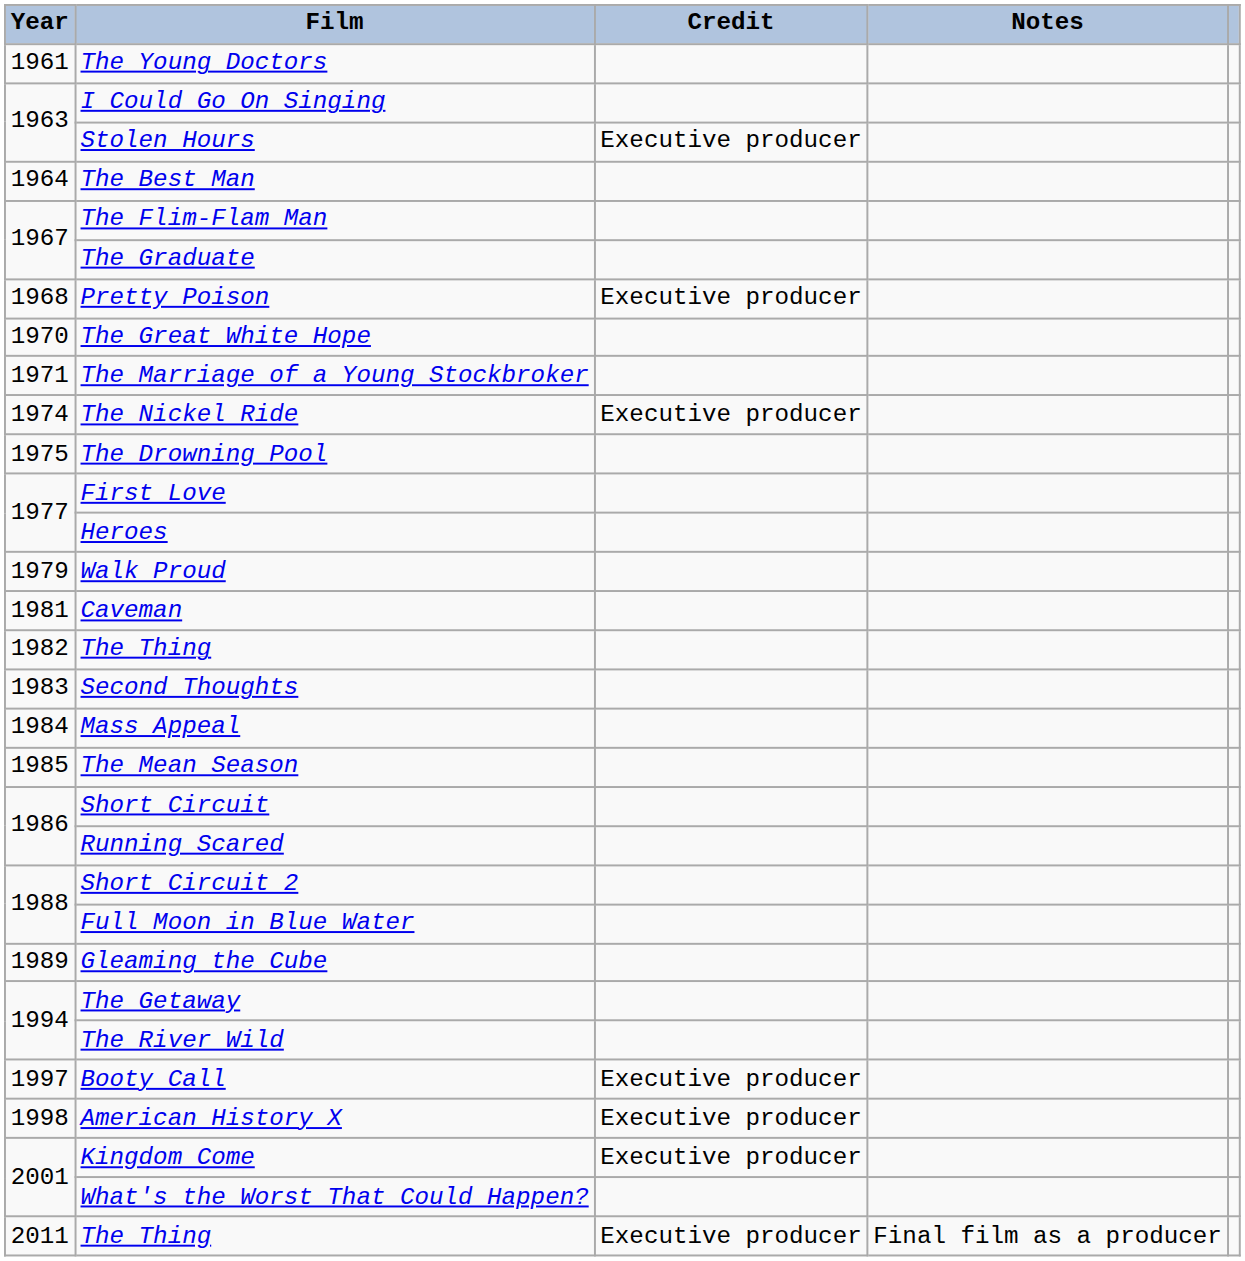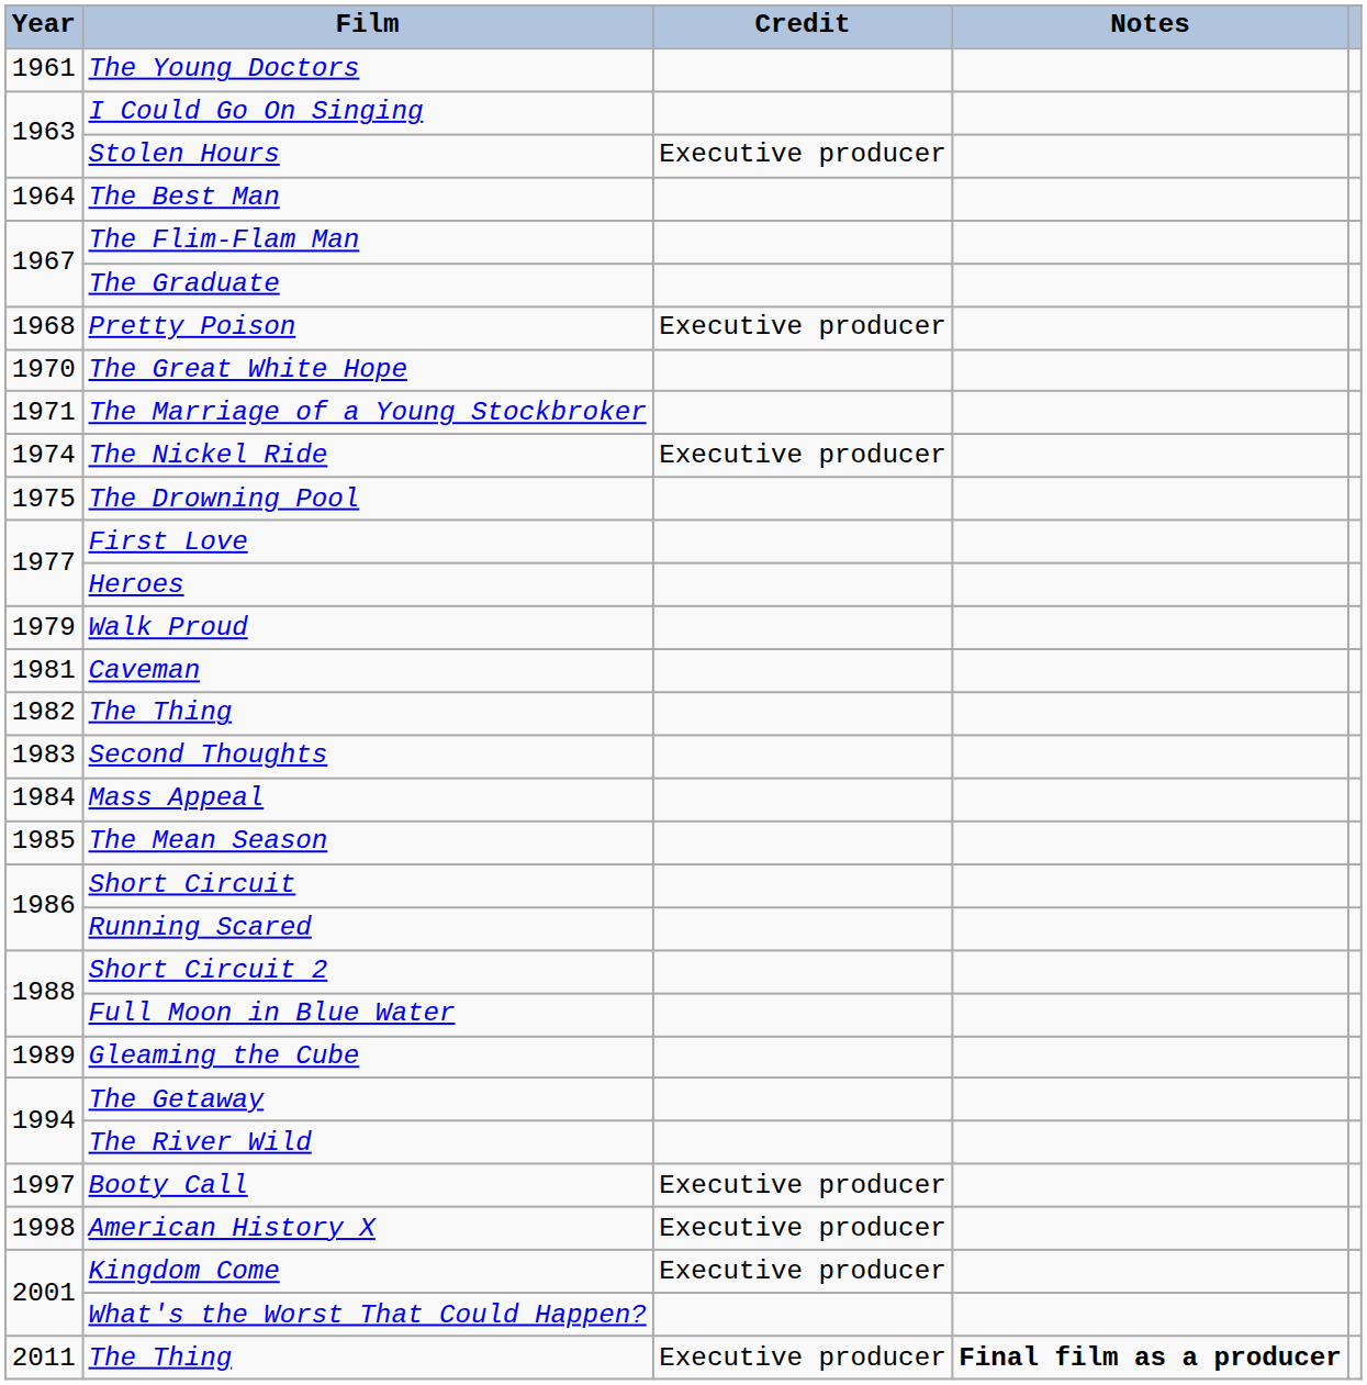 <table class="wikitable" style="font-size:95%;">
 <tr>
 <th style="background:#B0C4DE;">Year</th>
 <th style="background:#B0C4DE;">Film</th>
 <th style="background:#B0C4DE;">Credit</th>
 <th style="background:#B0C4DE;">Notes</th>
 <th style="background:#B0C4DE;"></th>
 </tr>
 <tr>
 <td>1961</td>
 <td><em><a href='#'>The Young Doctors</a></em></td>
 <td></td>
 <td></td>
 <td></td>
 </tr>
 <tr>
 <td rowspan=2>1963</td>
 <td><em><a href='#'>I Could Go On Singing</a></em></td>
 <td></td>
 <td></td>
 <td></td>
 </tr>
 <tr>
 <td><em><a href='#'>Stolen Hours</a></em></td>
 <td>Executive producer</td>
 <td></td>
 <td></td>
 </tr>
 <tr>
 <td>1964</td>
 <td><em><a href='#'>The Best Man</a></em></td>
 <td></td>
 <td></td>
 <td></td>
 </tr>
 <tr>
 <td rowspan=2>1967</td>
 <td><em><a href='#'>The Flim-Flam Man</a></em></td>
 <td></td>
 <td></td>
 <td></td>
 </tr>
 <tr>
 <td><em><a href='#'>The Graduate</a></em></td>
 <td></td>
 <td></td>
 <td></td>
 </tr>
 <tr>
 <td>1968</td>
 <td><em><a href='#'>Pretty Poison</a></em></td>
 <td>Executive producer</td>
 <td></td>
 <td></td>
 </tr>
 <tr>
 <td>1970</td>
 <td><em><a href='#'>The Great White Hope</a></em></td>
 <td></td>
 <td></td>
 <td></td>
 </tr>
 <tr>
 <td>1971</td>
 <td><em><a href='#'>The Marriage of a Young Stockbroker</a></em></td>
 <td></td>
 <td></td>
 <td></td>
 </tr>
 <tr>
 <td>1974</td>
 <td><em><a href='#'>The Nickel Ride</a></em></td>
 <td>Executive producer</td>
 <td></td>
 <td></td>
 </tr>
 <tr>
 <td>1975</td>
 <td><em><a href='#'>The Drowning Pool</a></em></td>
 <td></td>
 <td></td>
 <td></td>
 </tr>
 <tr>
 <td rowspan=2>1977</td>
 <td><em><a href='#'>First Love</a></em></td>
 <td></td>
 <td></td>
 <td></td>
 </tr>
 <tr>
 <td><em><a href='#'>Heroes</a></em></td>
 <td></td>
 <td></td>
 <td></td>
 </tr>
 <tr>
 <td>1979</td>
 <td><em><a href='#'>Walk Proud</a></em></td>
 <td></td>
 <td></td>
 <td></td>
 </tr>
 <tr>
 <td>1981</td>
 <td><em><a href='#'>Caveman</a></em></td>
 <td></td>
 <td></td>
 <td></td>
 </tr>
 <tr>
 <td>1982</td>
 <td><em><a href='#'>The Thing</a></em></td>
 <td></td>
 <td></td>
 <td></td>
 </tr>
 <tr>
 <td>1983</td>
 <td><em><a href='#'>Second Thoughts</a></em></td>
 <td></td>
 <td></td>
 <td></td>
 </tr>
 <tr>
 <td>1984</td>
 <td><em><a href='#'>Mass Appeal</a></em></td>
 <td></td>
 <td></td>
 <td></td>
 </tr>
 <tr>
 <td>1985</td>
 <td><em><a href='#'>The Mean Season</a></em></td>
 <td></td>
 <td></td>
 <td></td>
 </tr>
 <tr>
 <td rowspan=2>1986</td>
 <td><em><a href='#'>Short Circuit</a></em></td>
 <td></td>
 <td></td>
 <td></td>
 </tr>
 <tr>
 <td><em><a href='#'>Running Scared</a></em></td>
 <td></td>
 <td></td>
 <td></td>
 </tr>
 <tr>
 <td rowspan=2>1988</td>
 <td><em><a href='#'>Short Circuit 2</a></em></td>
 <td></td>
 <td></td>
 <td></td>
 </tr>
 <tr>
 <td><em><a href='#'>Full Moon in Blue Water</a></em></td>
 <td></td>
 <td></td>
 <td></td>
 </tr>
 <tr>
 <td>1989</td>
 <td><em><a href='#'>Gleaming the Cube</a></em></td>
 <td></td>
 <td></td>
 <td></td>
 </tr>
 <tr>
 <td rowspan=2>1994</td>
 <td><em><a href='#'>The Getaway</a></em></td>
 <td></td>
 <td></td>
 <td></td>
 </tr>
 <tr>
 <td><em><a href='#'>The River Wild</a></em></td>
 <td></td>
 <td></td>
 <td></td>
 </tr>
 <tr>
 <td>1997</td>
 <td><em><a href='#'>Booty Call</a></em></td>
 <td>Executive producer</td>
 <td></td>
 <td></td>
 </tr>
 <tr>
 <td>1998</td>
 <td><em><a href='#'>American History X</a></em></td>
 <td>Executive producer</td>
 <td></td>
 <td></td>
 </tr>
 <tr>
 <td rowspan=2>2001</td>
 <td><em><a href='#'>Kingdom Come</a></em></td>
 <td>Executive producer</td>
 <td></td>
 <td></td>
 </tr>
 <tr>
 <td><em><a href='#'>What's the Worst That Could Happen?</a></em></td>
 <td></td>
 <td></td>
 <td></td>
 </tr>
 <tr>
 <td>2011</td>
 <td><em><a href='#'>The Thing</a></em></td>
 <td>Executive producer</td>
-<td>Final film as a producer</td>
+<td><strong>Final film as a producer</strong></td>
 <td></td>
 </tr>
 </table>
